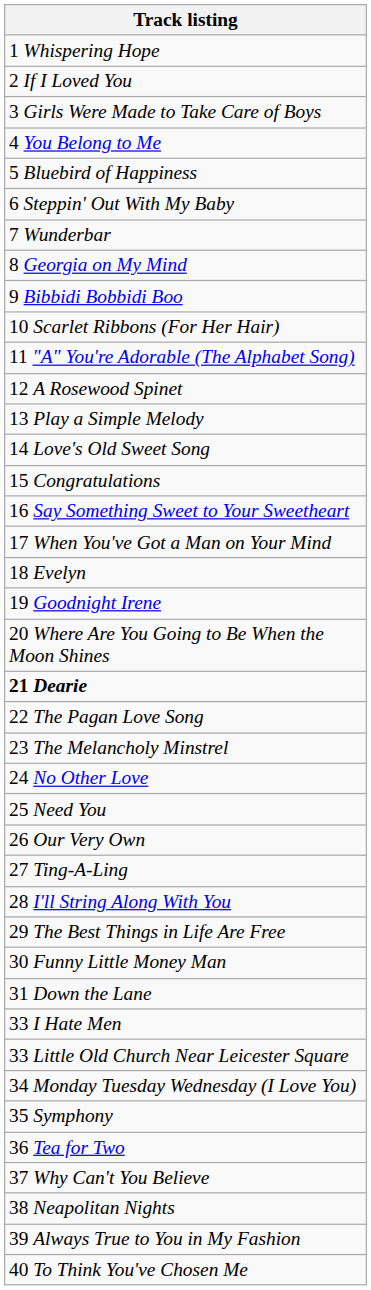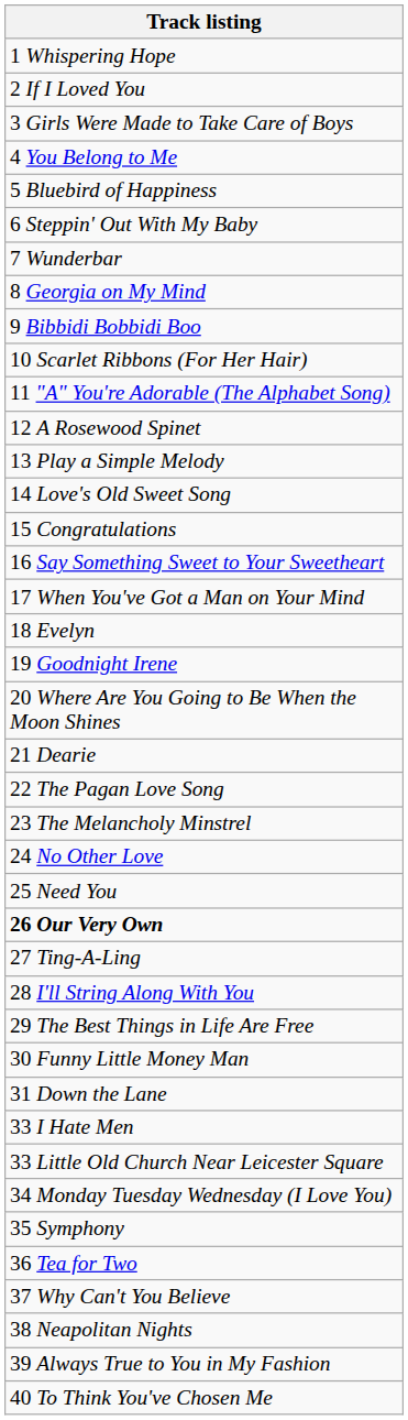 <table class="wikitable collapsible collapsed" style="width:300px;">
 <tr>
 <th>Track listing</th>
 </tr>
 <tr>
 <td>1 <em>Whispering Hope</em></td>
 </tr>
 <tr>
 <td>2 <em>If I Loved You</em></td>
 </tr>
 <tr>
 <td>3 <em>Girls Were Made to Take Care of Boys</em></td>
 </tr>
 <tr>
 <td>4 <em><a href='#'>You Belong to Me</a></em></td>
 </tr>
 <tr>
 <td>5 <em>Bluebird of Happiness</em></td>
 </tr>
 <tr>
 <td>6 <em>Steppin' Out With My Baby</em></td>
 </tr>
 <tr>
 <td>7 <em>Wunderbar</em></td>
 </tr>
 <tr>
 <td>8 <em><a href='#'>Georgia on My Mind</a></em></td>
 </tr>
 <tr>
 <td>9 <em><a href='#'>Bibbidi Bobbidi Boo</a></em></td>
 </tr>
 <tr>
 <td>10 <em>Scarlet Ribbons (For Her Hair)</em></td>
 </tr>
 <tr>
 <td>11 <em><a href='#'>"A" You're Adorable (The Alphabet Song)</a></em></td>
 </tr>
 <tr>
 <td>12 <em>A Rosewood Spinet</em></td>
 </tr>
 <tr>
 <td>13 <em>Play a Simple Melody</em></td>
 </tr>
 <tr>
 <td>14 <em>Love's Old Sweet Song</em></td>
 </tr>
 <tr>
 <td>15 <em>Congratulations</em></td>
 </tr>
 <tr>
 <td>16 <em><a href='#'>Say Something Sweet to Your Sweetheart</a></em></td>
 </tr>
 <tr>
 <td>17 <em>When You've Got a Man on Your Mind</em></td>
 </tr>
 <tr>
 <td>18 <em>Evelyn</em></td>
 </tr>
 <tr>
 <td>19 <em><a href='#'>Goodnight Irene</a></em></td>
 </tr>
 <tr>
 <td>20 <em>Where Are You Going to Be When the Moon Shines</em></td>
 </tr>
 <tr>
-<td><strong>21 <em>Dearie</em></strong></td>
+<td>21 <em>Dearie</em></td>
 </tr>
 <tr>
 <td>22 <em>The Pagan Love Song</em></td>
 </tr>
 <tr>
 <td>23 <em>The Melancholy Minstrel</em></td>
 </tr>
 <tr>
 <td>24 <em><a href='#'>No Other Love</a></em></td>
 </tr>
 <tr>
 <td>25 <em>Need You</em></td>
 </tr>
 <tr>
-<td>26 <em>Our Very Own</em></td>
+<td><strong>26 <em>Our Very Own</em></strong></td>
 </tr>
 <tr>
 <td>27 <em>Ting-A-Ling</em></td>
 </tr>
 <tr>
 <td>28 <em><a href='#'>I'll String Along With You</a></em></td>
 </tr>
 <tr>
 <td>29 <em>The Best Things in Life Are Free</em></td>
 </tr>
 <tr>
 <td>30 <em>Funny Little Money Man</em></td>
 </tr>
 <tr>
 <td>31 <em>Down the Lane</em></td>
 </tr>
 <tr>
 <td>33 <em>I Hate Men</em></td>
 </tr>
 <tr>
 <td>33 <em>Little Old Church Near Leicester Square</em></td>
 </tr>
 <tr>
 <td>34 <em>Monday Tuesday Wednesday (I Love You)</em></td>
 </tr>
 <tr>
 <td>35 <em>Symphony</em></td>
 </tr>
 <tr>
 <td>36 <em><a href='#'>Tea for Two</a></em></td>
 </tr>
 <tr>
 <td>37 <em>Why Can't You Believe</em></td>
 </tr>
 <tr>
 <td>38 <em>Neapolitan Nights</em></td>
 </tr>
 <tr>
 <td>39 <em>Always True to You in My Fashion</em></td>
 </tr>
 <tr>
 <td>40 <em>To Think You've Chosen Me</em></td>
 </tr>
 </table>
